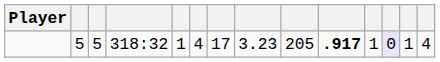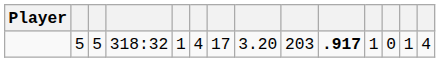 <table class="wikitable sortable" style="text-align:center;">
 <tr style="text-align:center; background:#ddd;">
 <th>Player</th>
 <th></th>
 <th></th>
 <th></th>
 <th></th>
 <th></th>
 <th></th>
 <th></th>
 <th></th>
 <th></th>
 <th></th>
 <th></th>
 <th></th>
 <th></th>
 </tr>
 <tr>
 <td></td>
 <td>5</td>
 <td>5</td>
 <td>318:32</td>
 <td>1</td>
 <td>4</td>
 <td>17</td>
-<td>3.23</td>
-<td>205</td>
+<td>3.20</td>
+<td>203</td>
 <td><strong>.917</strong></td>
 <td>1</td>
-<td style="background: lavender;">0</td>
+<td>0</td>
 <td>1</td>
 <td>4</td>
 </tr>
 </table>
